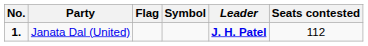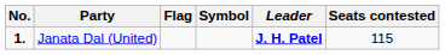 <table class="wikitable">
 <tr>
 <th>No.</th>
 <th>Party</th>
 <th><strong>Flag</strong></th>
 <th>Symbol</th>
 <th><em>Leader</em></th>
 <th>Seats contested</th>
 </tr>
 <tr>
 <td ! style="text-align:center; background:"><strong>1.</strong></td>
 <td style="text-align:center"><a href='#'>Janata Dal (United)</a></td>
 <td></td>
 <td></td>
 <td style="text-align:center"><strong><a href='#'>J. H. Patel</a></strong></td>
-<td style="text-align:center">112</td>
+<td style="text-align:center">115</td>
 </tr>
 </table>
